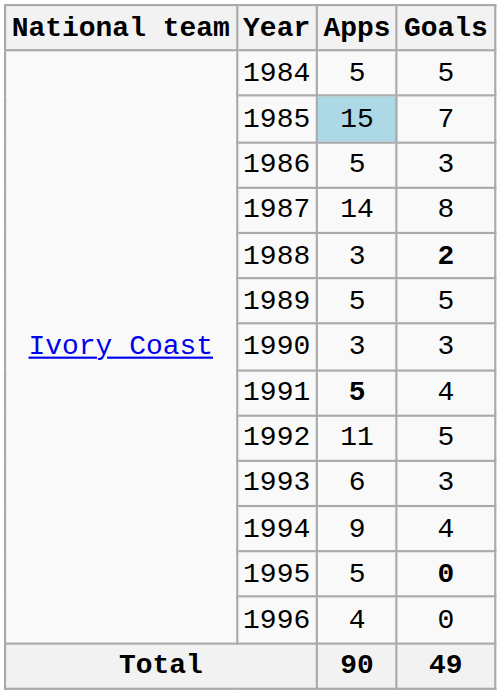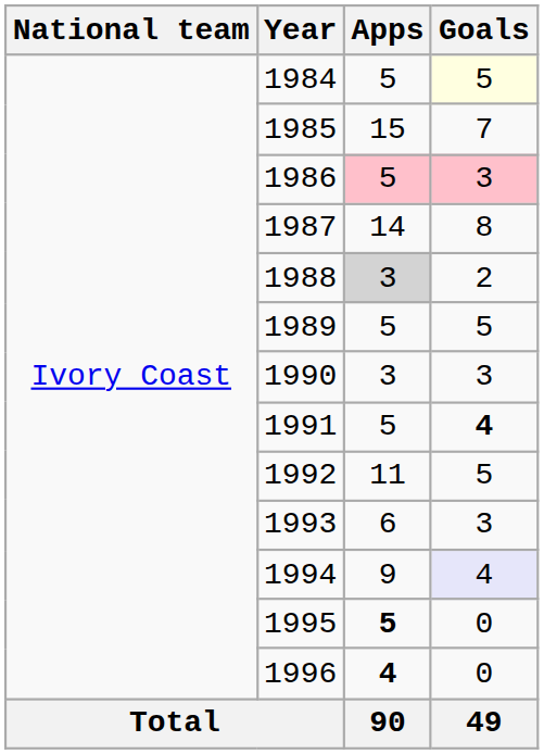 <table class="wikitable" style="text-align:center">
 <tr>
 <th>National team</th>
 <th>Year</th>
 <th>Apps</th>
 <th>Goals</th>
 </tr>
 <tr>
 <td rowspan="13"><a href='#'>Ivory Coast</a></td>
 <td>1984</td>
 <td>5</td>
-<td>5</td>
+<td style="background: lightyellow;">5</td>
 </tr>
 <tr>
 <td>1985</td>
-<td style="background: lightblue;">15</td>
+<td>15</td>
 <td>7</td>
 </tr>
 <tr>
 <td>1986</td>
-<td>5</td>
-<td>3</td>
+<td style="background: pink;">5</td>
+<td style="background: pink;">3</td>
 </tr>
 <tr>
 <td>1987</td>
 <td>14</td>
 <td>8</td>
 </tr>
 <tr>
 <td>1988</td>
-<td>3</td>
-<td><strong>2</strong></td>
+<td style="background: lightgrey;">3</td>
+<td>2</td>
 </tr>
 <tr>
 <td>1989</td>
 <td>5</td>
 <td>5</td>
 </tr>
 <tr>
 <td>1990</td>
 <td>3</td>
 <td>3</td>
 </tr>
 <tr>
 <td>1991</td>
-<td><strong>5</strong></td>
-<td>4</td>
+<td>5</td>
+<td><strong>4</strong></td>
 </tr>
 <tr>
 <td>1992</td>
 <td>11</td>
 <td>5</td>
 </tr>
 <tr>
 <td>1993</td>
 <td>6</td>
 <td>3</td>
 </tr>
 <tr>
 <td>1994</td>
 <td>9</td>
-<td>4</td>
+<td style="background: lavender;">4</td>
 </tr>
 <tr>
 <td>1995</td>
-<td>5</td>
-<td><strong>0</strong></td>
+<td><strong>5</strong></td>
+<td>0</td>
 </tr>
 <tr>
 <td>1996</td>
-<td>4</td>
+<td><strong>4</strong></td>
 <td>0</td>
 </tr>
 <tr>
 <th colspan="2">Total</th>
 <th>90</th>
 <th>49</th>
 </tr>
 </table>
